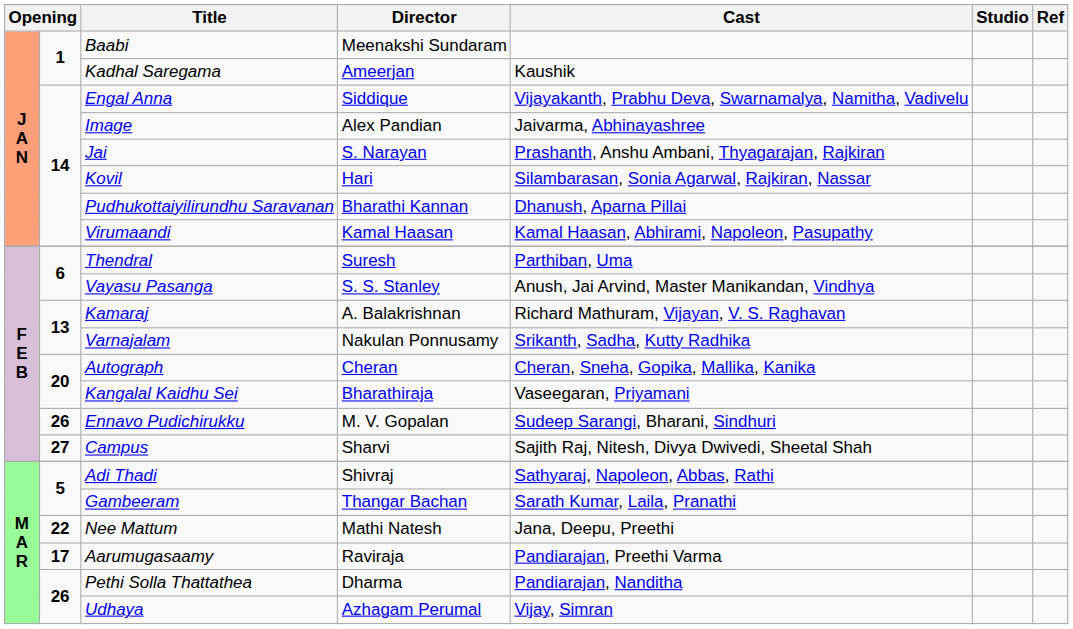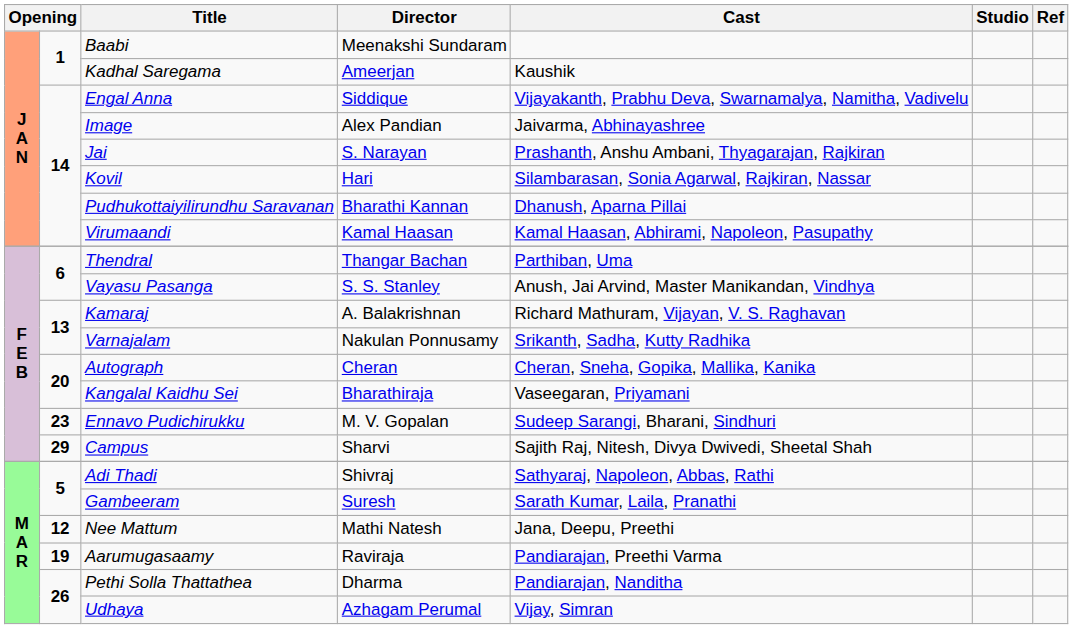 <table class="wikitable">
 <tr>
 <th colspan="2">Opening</th>
 <th>Title</th>
 <th>Director</th>
 <th>Cast</th>
 <th>Studio</th>
 <th>Ref</th>
 </tr>
 <tr>
 <td rowspan="8" valign="center" align="center" style="background:#FFA07A; textcolor:#000;"><strong>J<br>A<br>N</strong></td>
 <td rowspan="2" align="center"><strong>1</strong></td>
 <td><em>Baabi</em></td>
 <td>Meenakshi Sundaram</td>
 <td></td>
 <td></td>
 <td></td>
 </tr>
 <tr>
 <td><em>Kadhal Saregama</em></td>
 <td><a href='#'>Ameerjan</a></td>
 <td>Kaushik</td>
 <td></td>
 <td></td>
 </tr>
 <tr>
 <td rowspan="6" align="center"><strong>14</strong></td>
 <td><em><a href='#'>Engal Anna</a></em></td>
 <td><a href='#'>Siddique</a></td>
 <td><a href='#'>Vijayakanth</a>, <a href='#'>Prabhu Deva</a>, <a href='#'>Swarnamalya</a>, <a href='#'>Namitha</a>, <a href='#'>Vadivelu</a></td>
 <td></td>
 <td></td>
 </tr>
 <tr>
 <td><em><a href='#'>Image</a></em></td>
 <td>Alex Pandian</td>
 <td>Jaivarma, <a href='#'>Abhinayashree</a></td>
 <td></td>
 <td></td>
 </tr>
 <tr>
 <td><em><a href='#'>Jai</a></em></td>
 <td><a href='#'>S. Narayan</a></td>
 <td><a href='#'>Prashanth</a>, Anshu Ambani, <a href='#'>Thyagarajan</a>, <a href='#'>Rajkiran</a></td>
 <td></td>
 <td></td>
 </tr>
 <tr>
 <td><em><a href='#'>Kovil</a></em></td>
 <td><a href='#'>Hari</a></td>
 <td><a href='#'>Silambarasan</a>, <a href='#'>Sonia Agarwal</a>, <a href='#'>Rajkiran</a>, <a href='#'>Nassar</a></td>
 <td></td>
 <td></td>
 </tr>
 <tr>
 <td><em><a href='#'>Pudhukottaiyilirundhu Saravanan</a></em></td>
 <td><a href='#'>Bharathi Kannan</a></td>
 <td><a href='#'>Dhanush</a>, <a href='#'>Aparna Pillai</a></td>
 <td></td>
 <td></td>
 </tr>
 <tr>
 <td><em><a href='#'>Virumaandi</a></em></td>
 <td><a href='#'>Kamal Haasan</a></td>
 <td><a href='#'>Kamal Haasan</a>, <a href='#'>Abhirami</a>, <a href='#'>Napoleon</a>, <a href='#'>Pasupathy</a></td>
 <td></td>
 <td></td>
 </tr>
 <tr>
 </tr>
 <tr February!>
 <td rowspan="8" valign="center" align="center" style="background:#D8BFD8; textcolor:#000;"><strong>F<br>E<br>B</strong></td>
 <td rowspan="2" align="center"><strong>6</strong></td>
 <td><em><a href='#'>Thendral</a></em></td>
-<td><a href='#'>Suresh</a></td>
+<td><a href='#'>Thangar Bachan</a></td>
 <td><a href='#'>Parthiban</a>, <a href='#'>Uma</a></td>
 <td></td>
 <td></td>
 </tr>
 <tr>
 <td><em><a href='#'>Vayasu Pasanga</a></em></td>
 <td><a href='#'>S. S. Stanley</a></td>
 <td>Anush, Jai Arvind, Master Manikandan, <a href='#'>Vindhya</a></td>
 <td></td>
 <td></td>
 </tr>
 <tr>
 <td rowspan="2" align="center"><strong>13</strong></td>
 <td><em><a href='#'>Kamaraj</a></em></td>
 <td>A. Balakrishnan</td>
 <td>Richard Mathuram, <a href='#'>Vijayan</a>, <a href='#'>V. S. Raghavan</a></td>
 <td></td>
 <td></td>
 </tr>
 <tr>
 <td><em><a href='#'>Varnajalam</a></em></td>
 <td>Nakulan Ponnusamy</td>
 <td><a href='#'>Srikanth</a>, <a href='#'>Sadha</a>, <a href='#'>Kutty Radhika</a></td>
 <td></td>
 <td></td>
 </tr>
 <tr>
 <td rowspan="2" align="center"><strong>20</strong></td>
 <td><em><a href='#'>Autograph</a></em></td>
 <td><a href='#'>Cheran</a></td>
 <td><a href='#'>Cheran</a>, <a href='#'>Sneha</a>, <a href='#'>Gopika</a>, <a href='#'>Mallika</a>, <a href='#'>Kanika</a></td>
 <td></td>
 <td></td>
 </tr>
 <tr>
 <td><em><a href='#'>Kangalal Kaidhu Sei</a></em></td>
 <td><a href='#'>Bharathiraja</a></td>
 <td>Vaseegaran, <a href='#'>Priyamani</a></td>
 <td></td>
 <td></td>
 </tr>
 <tr>
-<td rowspan="1" align="center"><strong>26</strong></td>
+<td rowspan="1" align="center"><strong>23</strong></td>
 <td><em><a href='#'>Ennavo Pudichirukku</a></em></td>
 <td>M. V. Gopalan</td>
 <td><a href='#'>Sudeep Sarangi</a>, Bharani, <a href='#'>Sindhuri</a></td>
 <td></td>
 <td></td>
 </tr>
 <tr>
-<td rowspan="1" align="center"><strong>27</strong></td>
+<td rowspan="1" align="center"><strong>29</strong></td>
 <td><em><a href='#'>Campus</a></em></td>
 <td>Sharvi</td>
 <td>Sajith Raj, Nitesh, Divya Dwivedi, Sheetal Shah</td>
 <td></td>
 <td></td>
 </tr>
 <tr>
 </tr>
 <tr March!>
 <td rowspan="6" valign="center" align="center" style="background:#98FB98; textcolor:#000;"><strong>M<br>A<br>R</strong></td>
 <td rowspan="2" align="center"><strong>5</strong></td>
 <td><em><a href='#'>Adi Thadi</a></em></td>
 <td>Shivraj</td>
 <td><a href='#'>Sathyaraj</a>, <a href='#'>Napoleon</a>, <a href='#'>Abbas</a>, <a href='#'>Rathi</a></td>
 <td></td>
 <td></td>
 </tr>
 <tr>
 <td><em><a href='#'>Gambeeram</a></em></td>
-<td><a href='#'>Thangar Bachan</a></td>
+<td><a href='#'>Suresh</a></td>
 <td><a href='#'>Sarath Kumar</a>, <a href='#'>Laila</a>, <a href='#'>Pranathi</a></td>
 <td></td>
 <td></td>
 </tr>
 <tr>
-<td rowspan="1" align="center"><strong>22</strong></td>
+<td rowspan="1" align="center"><strong>12</strong></td>
 <td><em>Nee Mattum</em></td>
 <td>Mathi Natesh</td>
 <td>Jana, Deepu, Preethi</td>
 <td></td>
 <td></td>
 </tr>
 <tr>
-<td rowspan="1" align="center"><strong>17</strong></td>
+<td rowspan="1" align="center"><strong>19</strong></td>
 <td><em>Aarumugasaamy</em></td>
 <td>Raviraja</td>
 <td><a href='#'>Pandiarajan</a>, Preethi Varma</td>
 <td></td>
 <td></td>
 </tr>
 <tr>
 <td rowspan="2" align="center"><strong>26</strong></td>
 <td><em>Pethi Solla Thattathea</em></td>
 <td>Dharma</td>
 <td><a href='#'>Pandiarajan</a>, <a href='#'>Nanditha</a></td>
 <td></td>
 <td></td>
 </tr>
 <tr>
 <td><em><a href='#'>Udhaya</a></em></td>
 <td><a href='#'>Azhagam Perumal</a></td>
 <td><a href='#'>Vijay</a>, <a href='#'>Simran</a></td>
 <td></td>
 <td></td>
 </tr>
 </table>
